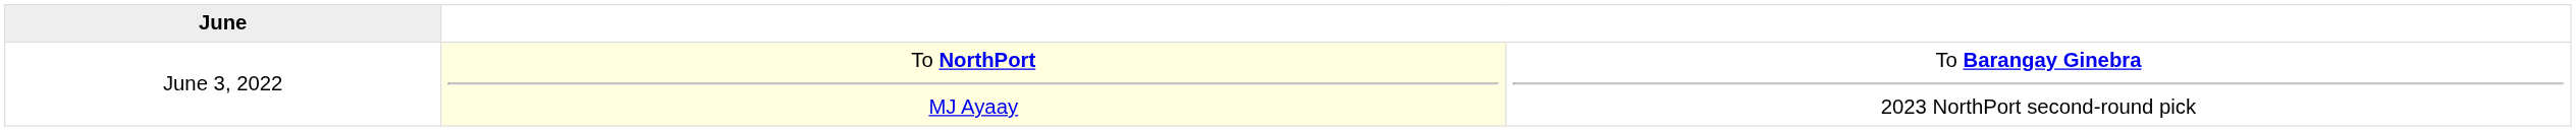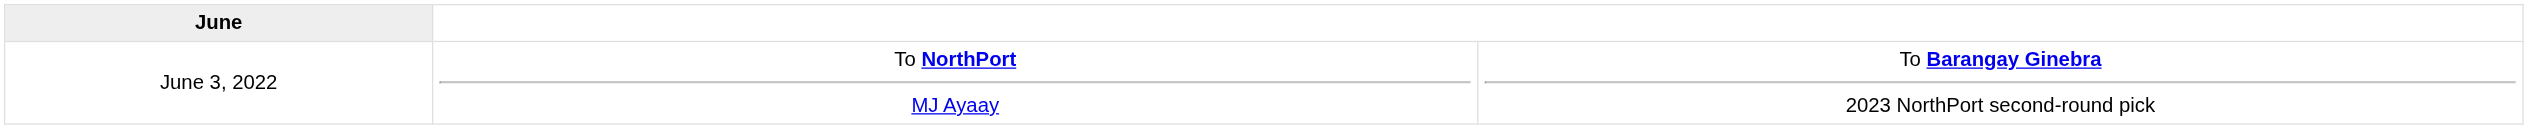 <table border=1 style="border-collapse:collapse; text-align: center; width: 100%" bordercolor="#DFDFDF"  cellpadding="5">
 <tr bgcolor="eeeeee">
 <th>June</th>
 </tr>
 <tr>
 <td style="width:12%">June 3, 2022</td>
-<td style="background: lightyellow; width:29.3%" valign="top">To <strong><a href='#'>NorthPort</a></strong><hr><a href='#'>MJ Ayaay</a></td>
+<td style="width:29.3%" valign="top">To <strong><a href='#'>NorthPort</a></strong><hr><a href='#'>MJ Ayaay</a></td>
 <td style="width:29.3%" valign="top">To <strong><a href='#'>Barangay Ginebra</a></strong><hr>2023 NorthPort second-round pick</td>
 </tr>
 </table>
